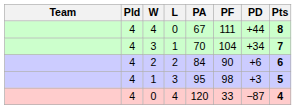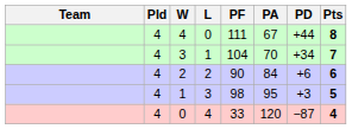 <table class=wikitable style="text-align:center">
 <tr>
 <th width=170>Team</th>
 <th width=25>Pld</th>
 <th width=25>W</th>
 <th width=25>L</th>
+<th width=35>PF</th>
 <th width=35>PA</th>
-<th width=35>PF</th>
 <th width=35>PD</th>
 <th width=25>Pts</th>
 </tr>
 <tr bgcolor=ccffcc>
 <td style="text-align:left"></td>
 <td>4</td>
 <td>4</td>
 <td>0</td>
+<td>111</td>
 <td>67</td>
-<td>111</td>
 <td>+44</td>
 <td><strong>8</strong></td>
 </tr>
 <tr bgcolor=ccffcc>
 <td style="text-align:left"></td>
 <td>4</td>
 <td>3</td>
 <td>1</td>
+<td>104</td>
 <td>70</td>
-<td>104</td>
 <td>+34</td>
 <td><strong>7</strong></td>
 </tr>
 <tr bgcolor=ccccff>
 <td style="text-align:left"></td>
 <td>4</td>
 <td>2</td>
 <td>2</td>
+<td>90</td>
 <td>84</td>
-<td>90</td>
 <td>+6</td>
 <td><strong>6</strong></td>
 </tr>
 <tr bgcolor=ccccff>
 <td style="text-align:left"></td>
 <td>4</td>
 <td>1</td>
 <td>3</td>
+<td>98</td>
 <td>95</td>
-<td>98</td>
 <td>+3</td>
 <td><strong>5</strong></td>
 </tr>
 <tr bgcolor=ffcccc>
 <td style="text-align:left"></td>
 <td>4</td>
 <td>0</td>
 <td>4</td>
+<td>33</td>
 <td>120</td>
-<td>33</td>
 <td>−87</td>
 <td><strong>4</strong></td>
 </tr>
 </table>
